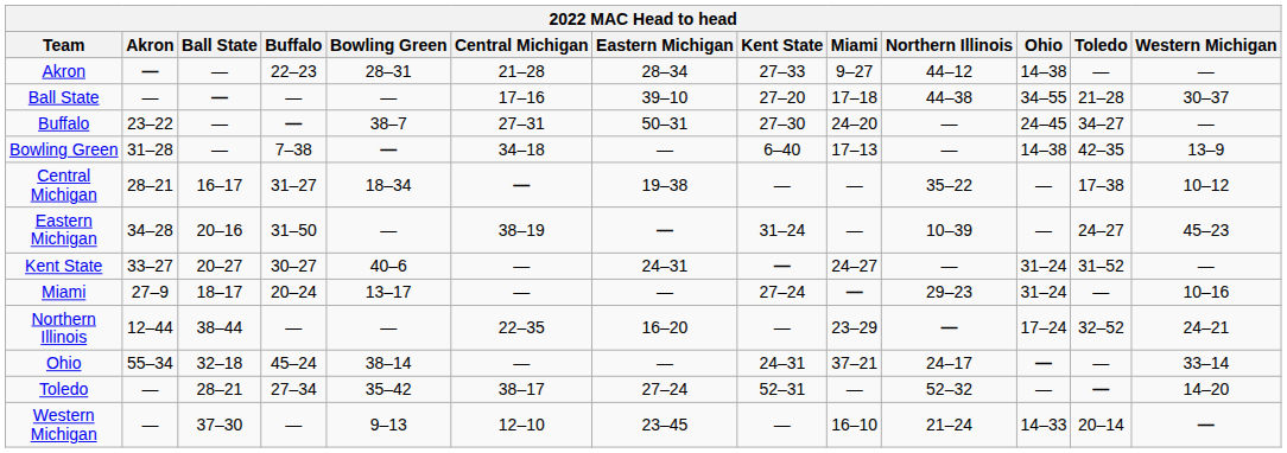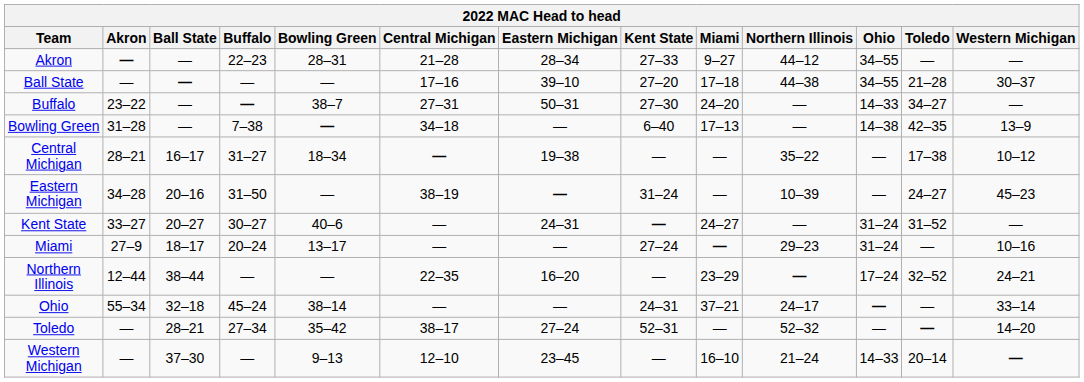 <table class="wikitable" style="font-size:95%; text-align:center;">
 <tr>
 <th colspan=13>2022 MAC Head to head</th>
 </tr>
 <tr>
 <th style="width:100px;">Team</th>
 <th>Akron</th>
 <th>Ball State</th>
 <th>Buffalo</th>
 <th>Bowling Green</th>
 <th>Central Michigan</th>
 <th>Eastern Michigan</th>
 <th>Kent State</th>
 <th>Miami</th>
 <th>Northern Illinois</th>
 <th>Ohio</th>
 <th>Toledo</th>
 <th>Western Michigan</th>
 </tr>
 <tr>
 <td><a href='#'>Akron</a></td>
 <td><strong>—</strong></td>
 <td>—</td>
 <td>22–23</td>
 <td>28–31</td>
 <td>21–28</td>
 <td>28–34</td>
 <td>27–33</td>
 <td>9–27</td>
 <td>44–12</td>
-<td>14–38</td>
+<td>34–55</td>
 <td>—</td>
 <td>—</td>
 </tr>
 <tr>
 <td><a href='#'>Ball State</a></td>
 <td>—</td>
 <td><strong>—</strong></td>
 <td>—</td>
 <td>—</td>
 <td>17–16</td>
 <td>39–10</td>
 <td>27–20</td>
 <td>17–18</td>
 <td>44–38</td>
 <td>34–55</td>
 <td>21–28</td>
 <td>30–37</td>
 </tr>
 <tr>
 <td><a href='#'>Buffalo</a></td>
 <td>23–22</td>
 <td>—</td>
 <td><strong>—</strong></td>
 <td>38–7</td>
 <td>27–31</td>
 <td>50–31</td>
 <td>27–30</td>
 <td>24–20</td>
 <td>—</td>
-<td>24–45</td>
+<td>14–33</td>
 <td>34–27</td>
 <td>—</td>
 </tr>
 <tr>
 <td><a href='#'>Bowling Green</a></td>
 <td>31–28</td>
 <td>—</td>
 <td>7–38</td>
 <td><strong>—</strong></td>
 <td>34–18</td>
 <td>—</td>
 <td>6–40</td>
 <td>17–13</td>
 <td>—</td>
 <td>14–38</td>
 <td>42–35</td>
 <td>13–9</td>
 </tr>
 <tr>
 <td><a href='#'>Central Michigan</a></td>
 <td>28–21</td>
 <td>16–17</td>
 <td>31–27</td>
 <td>18–34</td>
 <td><strong>—</strong></td>
 <td>19–38</td>
 <td>—</td>
 <td>—</td>
 <td>35–22</td>
 <td>—</td>
 <td>17–38</td>
 <td>10–12</td>
 </tr>
 <tr>
 <td><a href='#'>Eastern Michigan</a></td>
 <td>34–28</td>
 <td>20–16</td>
 <td>31–50</td>
 <td>—</td>
 <td>38–19</td>
 <td><strong>—</strong></td>
 <td>31–24</td>
 <td>—</td>
 <td>10–39</td>
 <td>—</td>
 <td>24–27</td>
 <td>45–23</td>
 </tr>
 <tr>
 <td><a href='#'>Kent State</a></td>
 <td>33–27</td>
 <td>20–27</td>
 <td>30–27</td>
 <td>40–6</td>
 <td>—</td>
 <td>24–31</td>
 <td><strong>—</strong></td>
 <td>24–27</td>
 <td>—</td>
 <td>31–24</td>
 <td>31–52</td>
 <td>—</td>
 </tr>
 <tr>
 <td><a href='#'>Miami</a></td>
 <td>27–9</td>
 <td>18–17</td>
 <td>20–24</td>
 <td>13–17</td>
 <td>—</td>
 <td>—</td>
 <td>27–24</td>
 <td><strong>—</strong></td>
 <td>29–23</td>
 <td>31–24</td>
 <td>—</td>
 <td>10–16</td>
 </tr>
 <tr>
 <td><a href='#'>Northern Illinois</a></td>
 <td>12–44</td>
 <td>38–44</td>
 <td>—</td>
 <td>—</td>
 <td>22–35</td>
 <td>16–20</td>
 <td>—</td>
 <td>23–29</td>
 <td><strong>—</strong></td>
 <td>17–24</td>
 <td>32–52</td>
 <td>24–21</td>
 </tr>
 <tr>
 <td><a href='#'>Ohio</a></td>
 <td>55–34</td>
 <td>32–18</td>
 <td>45–24</td>
 <td>38–14</td>
 <td>—</td>
 <td>—</td>
 <td>24–31</td>
 <td>37–21</td>
 <td>24–17</td>
 <td><strong>—</strong></td>
 <td>—</td>
 <td>33–14</td>
 </tr>
 <tr>
 <td><a href='#'>Toledo</a></td>
 <td>—</td>
 <td>28–21</td>
 <td>27–34</td>
 <td>35–42</td>
 <td>38–17</td>
 <td>27–24</td>
 <td>52–31</td>
 <td>—</td>
 <td>52–32</td>
 <td>—</td>
 <td><strong>—</strong></td>
 <td>14–20</td>
 </tr>
 <tr>
 <td><a href='#'>Western Michigan</a></td>
 <td>—</td>
 <td>37–30</td>
 <td>—</td>
 <td>9–13</td>
 <td>12–10</td>
 <td>23–45</td>
 <td>—</td>
 <td>16–10</td>
 <td>21–24</td>
 <td>14–33</td>
 <td>20–14</td>
 <td><strong>—</strong></td>
 </tr>
 </table>
